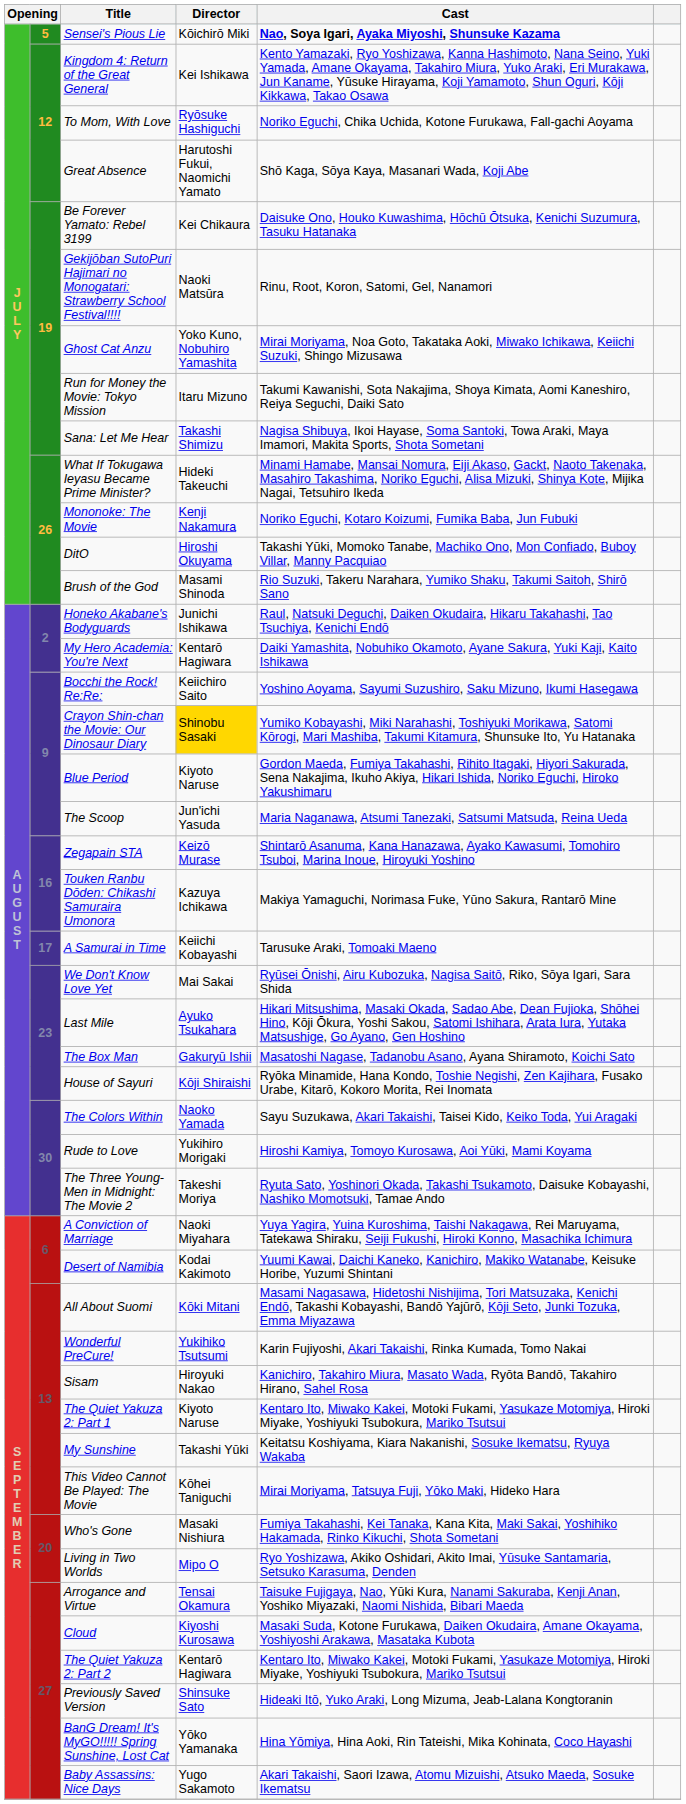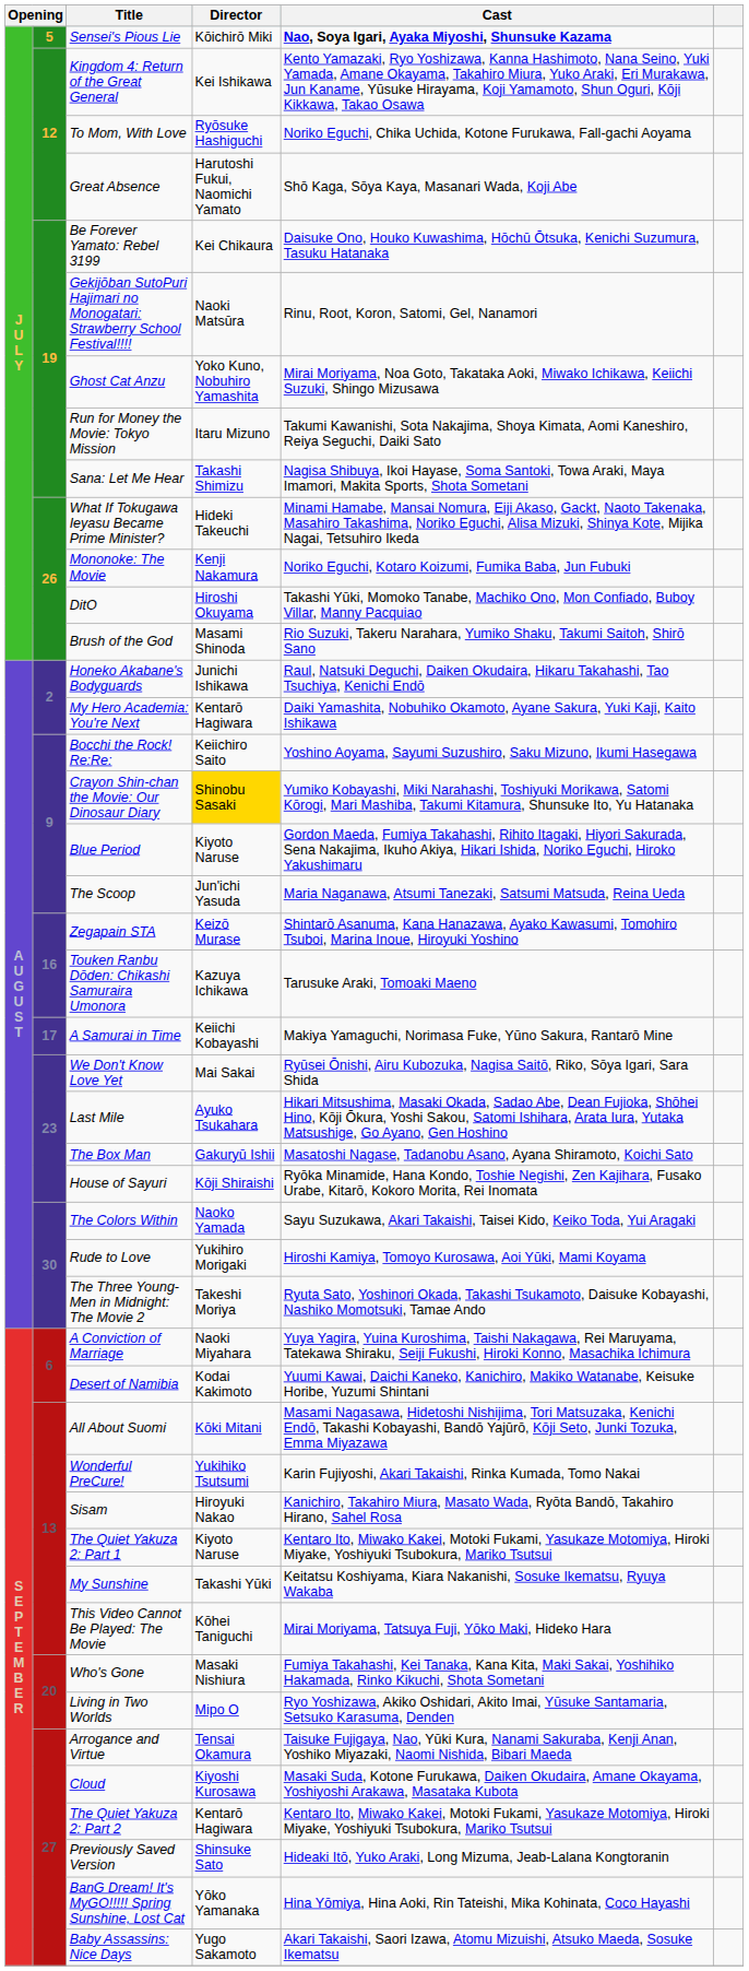 <table class="wikitable sortable">
 <tr style="background:#b0e0e6; text-align:center">
 <th colspan="2">Opening</th>
 <th style="width:17%">Title</th>
 <th style="width:12%">Director</th>
 <th>Cast</th>
 <th style="width:4%;"></th>
 </tr>
 <tr>
 <th rowspan="13" style="text-align:center; background:#3EBE2C; color:#FFC860;">J<br>U<br>L<br>Y</th>
 <td rowspan="1" style="text-align:center; background:#208A20; color:#FFBC40;"><strong>5</strong></td>
 <td><em><a href='#'>Sensei's Pious Lie</a></em></td>
 <td>Kōichirō Miki</td>
 <td><strong><a href='#'>Nao</a>, Soya Igari, <a href='#'>Ayaka Miyoshi</a>, <a href='#'>Shunsuke Kazama</a></strong></td>
 <td></td>
 </tr>
 <tr>
 <td rowspan="3" style="text-align:center; background:#208A20; color:#FFBC40;"><strong>12</strong></td>
 <td><em><a href='#'>Kingdom 4: Return of the Great General</a></em></td>
 <td>Kei Ishikawa</td>
 <td><a href='#'>Kento Yamazaki</a>, <a href='#'>Ryo Yoshizawa</a>, <a href='#'>Kanna Hashimoto</a>, <a href='#'>Nana Seino</a>, <a href='#'>Yuki Yamada</a>, <a href='#'>Amane Okayama</a>, <a href='#'>Takahiro Miura</a>, <a href='#'>Yuko Araki</a>, <a href='#'>Eri Murakawa</a>, <a href='#'>Jun Kaname</a>, Yūsuke Hirayama, <a href='#'>Koji Yamamoto</a>, <a href='#'>Shun Oguri</a>, <a href='#'>Kōji Kikkawa</a>, <a href='#'>Takao Osawa</a></td>
 <td></td>
 </tr>
 <tr>
 <td><em>To Mom, With Love</em></td>
 <td><a href='#'>Ryōsuke Hashiguchi</a></td>
 <td><a href='#'>Noriko Eguchi</a>, Chika Uchida, Kotone Furukawa, Fall-gachi Aoyama</td>
 <td></td>
 </tr>
 <tr>
 <td><em>Great Absence</em></td>
 <td>Harutoshi Fukui, Naomichi Yamato</td>
 <td>Shō Kaga, Sōya Kaya, Masanari Wada, <a href='#'>Koji Abe</a></td>
 <td></td>
 </tr>
 <tr>
 <td rowspan="5" style="text-align:center; background:#208A20; color:#FFBC40;"><strong>19</strong></td>
 <td><em>Be Forever Yamato: Rebel 3199</em></td>
 <td>Kei Chikaura</td>
 <td><a href='#'>Daisuke Ono</a>, <a href='#'>Houko Kuwashima</a>, <a href='#'>Hōchū Ōtsuka</a>, <a href='#'>Kenichi Suzumura</a>, <a href='#'>Tasuku Hatanaka</a></td>
 <td></td>
 </tr>
 <tr>
 <td><em><a href='#'>Gekijōban SutoPuri Hajimari no Monogatari: Strawberry School Festival!!!!</a></em></td>
 <td>Naoki Matsūra</td>
 <td>Rinu, Root, Koron, Satomi, Gel, Nanamori</td>
 <td></td>
 </tr>
 <tr>
 <td><em><a href='#'>Ghost Cat Anzu</a></em></td>
 <td>Yoko Kuno, <a href='#'>Nobuhiro Yamashita</a></td>
 <td><a href='#'>Mirai Moriyama</a>, Noa Goto, Takataka Aoki, <a href='#'>Miwako Ichikawa</a>, <a href='#'>Keiichi Suzuki</a>, Shingo Mizusawa</td>
 <td></td>
 </tr>
 <tr>
 <td><em>Run for Money the Movie: Tokyo Mission</em></td>
 <td>Itaru Mizuno</td>
 <td>Takumi Kawanishi, Sota Nakajima, Shoya Kimata, Aomi Kaneshiro, Reiya Seguchi, Daiki Sato</td>
 <td></td>
 </tr>
 <tr>
 <td><em>Sana: Let Me Hear</em></td>
 <td><a href='#'>Takashi Shimizu</a></td>
 <td><a href='#'>Nagisa Shibuya</a>, Ikoi Hayase, <a href='#'>Soma Santoki</a>, Towa Araki, Maya Imamori, Makita Sports, <a href='#'>Shota Sometani</a></td>
 <td></td>
 </tr>
 <tr>
 <td rowspan="4" style="text-align:center; background:#208A20; color:#FFBC40;"><strong>26</strong></td>
 <td><em>What If Tokugawa Ieyasu Became Prime Minister?</em></td>
 <td>Hideki Takeuchi</td>
 <td><a href='#'>Minami Hamabe</a>, <a href='#'>Mansai Nomura</a>, <a href='#'>Eiji Akaso</a>, <a href='#'>Gackt</a>, <a href='#'>Naoto Takenaka</a>, <a href='#'>Masahiro Takashima</a>, <a href='#'>Noriko Eguchi</a>, <a href='#'>Alisa Mizuki</a>, <a href='#'>Shinya Kote</a>, Mijika Nagai, Tetsuhiro Ikeda</td>
 <td></td>
 </tr>
 <tr>
 <td><em><a href='#'>Mononoke: The Movie</a></em></td>
 <td><a href='#'>Kenji Nakamura</a></td>
 <td><a href='#'>Noriko Eguchi</a>, <a href='#'>Kotaro Koizumi</a>, <a href='#'>Fumika Baba</a>, <a href='#'>Jun Fubuki</a></td>
 <td></td>
 </tr>
 <tr>
 <td><em>DitO</em></td>
 <td><a href='#'>Hiroshi Okuyama</a></td>
 <td>Takashi Yūki, Momoko Tanabe, <a href='#'>Machiko Ono</a>, <a href='#'>Mon Confiado</a>, <a href='#'>Buboy Villar</a>, <a href='#'>Manny Pacquiao</a></td>
 <td></td>
 </tr>
 <tr>
 <td><em>Brush of the God</em></td>
 <td>Masami Shinoda</td>
 <td><a href='#'>Rio Suzuki</a>, Takeru Narahara, <a href='#'>Yumiko Shaku</a>, <a href='#'>Takumi Saitoh</a>, <a href='#'>Shirō Sano</a></td>
 <td></td>
 </tr>
 <tr>
 <th rowspan="16" style="text-align:center; background:#6246CE; color:#BFC2D5;">A<br>U<br>G<br>U<br>S<br>T</th>
 <td rowspan="2" style="text-align:center; background:#43308F; color:#8287AC;"><strong>2</strong></td>
 <td><em><a href='#'>Honeko Akabane's Bodyguards</a></em></td>
 <td>Junichi Ishikawa</td>
 <td><a href='#'>Raul</a>, <a href='#'>Natsuki Deguchi</a>, <a href='#'>Daiken Okudaira</a>, <a href='#'>Hikaru Takahashi</a>, <a href='#'>Tao Tsuchiya</a>, <a href='#'>Kenichi Endō</a></td>
 <td></td>
 </tr>
 <tr>
 <td><em><a href='#'>My Hero Academia: You're Next</a></em></td>
 <td>Kentarō Hagiwara</td>
 <td><a href='#'>Daiki Yamashita</a>, <a href='#'>Nobuhiko Okamoto</a>, <a href='#'>Ayane Sakura</a>, <a href='#'>Yuki Kaji</a>, <a href='#'>Kaito Ishikawa</a></td>
 <td></td>
 </tr>
 <tr>
 <td rowspan="4" style="text-align:center; background:#43308F; color:#8287AC;"><strong>9</strong></td>
 <td><em><a href='#'>Bocchi the Rock! Re:Re:</a></em></td>
 <td>Keiichiro Saito</td>
 <td><a href='#'>Yoshino Aoyama</a>, <a href='#'>Sayumi Suzushiro</a>, <a href='#'>Saku Mizuno</a>, <a href='#'>Ikumi Hasegawa</a></td>
 <td></td>
 </tr>
 <tr>
 <td><em><a href='#'>Crayon Shin-chan the Movie: Our Dinosaur Diary</a></em></td>
 <td style="background: gold;">Shinobu Sasaki</td>
 <td><a href='#'>Yumiko Kobayashi</a>, <a href='#'>Miki Narahashi</a>, <a href='#'>Toshiyuki Morikawa</a>, <a href='#'>Satomi Kōrogi</a>, <a href='#'>Mari Mashiba</a>, <a href='#'>Takumi Kitamura</a>, Shunsuke Ito, Yu Hatanaka</td>
 <td></td>
 </tr>
 <tr>
 <td><em><a href='#'>Blue Period</a></em></td>
 <td>Kiyoto Naruse</td>
 <td><a href='#'>Gordon Maeda</a>, <a href='#'>Fumiya Takahashi</a>, <a href='#'>Rihito Itagaki</a>, <a href='#'>Hiyori Sakurada</a>, Sena Nakajima, Ikuho Akiya, <a href='#'>Hikari Ishida</a>, <a href='#'>Noriko Eguchi</a>, <a href='#'>Hiroko Yakushimaru</a></td>
 <td></td>
 </tr>
 <tr>
 <td><em>The Scoop</em></td>
 <td>Jun'ichi Yasuda</td>
 <td><a href='#'>Maria Naganawa</a>, <a href='#'>Atsumi Tanezaki</a>, <a href='#'>Satsumi Matsuda</a>, <a href='#'>Reina Ueda</a></td>
 <td></td>
 </tr>
 <tr>
 <td rowspan="2" style="text-align:center; background:#43308F; color:#8287AC;"><strong>16</strong></td>
 <td><em><a href='#'>Zegapain STA</a></em></td>
 <td><a href='#'>Keizō Murase</a></td>
 <td><a href='#'>Shintarō Asanuma</a>, <a href='#'>Kana Hanazawa</a>, <a href='#'>Ayako Kawasumi</a>, <a href='#'>Tomohiro Tsuboi</a>, <a href='#'>Marina Inoue</a>, <a href='#'>Hiroyuki Yoshino</a></td>
 <td></td>
 </tr>
 <tr>
 <td><em><a href='#'>Touken Ranbu Dōden: Chikashi Samuraira Umonora</a></em></td>
 <td>Kazuya Ichikawa</td>
-<td>Makiya Yamaguchi, Norimasa Fuke, Yūno Sakura, Rantarō Mine</td>
+<td>Tarusuke Araki, <a href='#'>Tomoaki Maeno</a></td>
 <td></td>
 </tr>
 <tr>
 <td rowspan="1" style="text-align:center; background:#43308F; color:#8287AC;"><strong>17</strong></td>
 <td><em><a href='#'>A Samurai in Time</a></em></td>
 <td>Keiichi Kobayashi</td>
-<td>Tarusuke Araki, <a href='#'>Tomoaki Maeno</a></td>
+<td>Makiya Yamaguchi, Norimasa Fuke, Yūno Sakura, Rantarō Mine</td>
 <td></td>
 </tr>
 <tr>
 <td rowspan="4" style="text-align:center; background:#43308F; color:#8287AC;"><strong>23</strong></td>
 <td><em><a href='#'>We Don't Know Love Yet</a></em></td>
 <td>Mai Sakai</td>
 <td><a href='#'>Ryūsei Ōnishi</a>, <a href='#'>Airu Kubozuka</a>, <a href='#'>Nagisa Saitō</a>, Riko, Sōya Igari, Sara Shida</td>
 <td></td>
 </tr>
 <tr>
 <td><em>Last Mile</em></td>
 <td><a href='#'>Ayuko Tsukahara</a></td>
 <td><a href='#'>Hikari Mitsushima</a>, <a href='#'>Masaki Okada</a>, <a href='#'>Sadao Abe</a>, <a href='#'>Dean Fujioka</a>, <a href='#'>Shōhei Hino</a>, Kōji Ōkura, Yoshi Sakou, <a href='#'>Satomi Ishihara</a>, <a href='#'>Arata Iura</a>, <a href='#'>Yutaka Matsushige</a>, <a href='#'>Go Ayano</a>, <a href='#'>Gen Hoshino</a></td>
 <td></td>
 </tr>
 <tr>
 <td><em><a href='#'>The Box Man</a></em></td>
 <td><a href='#'>Gakuryū Ishii</a></td>
 <td><a href='#'>Masatoshi Nagase</a>, <a href='#'>Tadanobu Asano</a>, Ayana Shiramoto, <a href='#'>Koichi Sato</a></td>
 <td></td>
 </tr>
 <tr>
 <td><em>House of Sayuri</em></td>
 <td><a href='#'>Kōji Shiraishi</a></td>
 <td>Ryōka Minamide, Hana Kondo, <a href='#'>Toshie Negishi</a>, <a href='#'>Zen Kajihara</a>, Fusako Urabe, Kitarō, Kokoro Morita, Rei Inomata</td>
 <td></td>
 </tr>
 <tr>
 <td rowspan="3" style="text-align:center; background:#43308F; color:#8287AC;"><strong>30</strong></td>
 <td><em><a href='#'>The Colors Within</a></em></td>
 <td><a href='#'>Naoko Yamada</a></td>
 <td>Sayu Suzukawa, <a href='#'>Akari Takaishi</a>, Taisei Kido, <a href='#'>Keiko Toda</a>, <a href='#'>Yui Aragaki</a></td>
 <td></td>
 </tr>
 <tr>
 <td><em>Rude to Love</em></td>
 <td>Yukihiro Morigaki</td>
 <td><a href='#'>Hiroshi Kamiya</a>, <a href='#'>Tomoyo Kurosawa</a>, <a href='#'>Aoi Yūki</a>, <a href='#'>Mami Koyama</a></td>
 <td></td>
 </tr>
 <tr>
 <td><em>The Three Young-Men in Midnight: The Movie 2</em></td>
 <td>Takeshi Moriya</td>
 <td><a href='#'>Ryuta Sato</a>, <a href='#'>Yoshinori Okada</a>, <a href='#'>Takashi Tsukamoto</a>, Daisuke Kobayashi, <a href='#'>Nashiko Momotsuki</a>, Tamae Ando</td>
 <td></td>
 </tr>
 <tr>
 <th rowspan="16" style="text-align:center; background:#E72E2E; color:#E1CDB3;">S<br>E<br>P<br>T<br>E<br>M<br>B<br>E<br>R</th>
 <td rowspan="2" style="text-align:center; background:#B91111; color:#685768;"><strong>6</strong></td>
 <td><em><a href='#'>A Conviction of Marriage</a></em></td>
 <td>Naoki Miyahara</td>
 <td><a href='#'>Yuya Yagira</a>, <a href='#'>Yuina Kuroshima</a>, <a href='#'>Taishi Nakagawa</a>, Rei Maruyama, Tatekawa Shiraku, <a href='#'>Seiji Fukushi</a>, <a href='#'>Hiroki Konno</a>, <a href='#'>Masachika Ichimura</a></td>
 <td></td>
 </tr>
 <tr>
 <td><em><a href='#'>Desert of Namibia</a></em></td>
 <td>Kodai Kakimoto</td>
 <td><a href='#'>Yuumi Kawai</a>, <a href='#'>Daichi Kaneko</a>, <a href='#'>Kanichiro</a>, <a href='#'>Makiko Watanabe</a>, Keisuke Horibe, Yuzumi Shintani</td>
 <td></td>
 </tr>
 <tr>
 <td rowspan="6" style="text-align:center; background:#B91111; color:#685768;"><strong>13</strong></td>
 <td><em>All About Suomi</em></td>
 <td><a href='#'>Kōki Mitani</a></td>
 <td><a href='#'>Masami Nagasawa</a>, <a href='#'>Hidetoshi Nishijima</a>, <a href='#'>Tori Matsuzaka</a>, <a href='#'>Kenichi Endō</a>, Takashi Kobayashi, Bandō Yajūrō, <a href='#'>Kōji Seto</a>, <a href='#'>Junki Tozuka</a>, <a href='#'>Emma Miyazawa</a></td>
 <td></td>
 </tr>
 <tr>
 <td><em><a href='#'>Wonderful PreCure!</a></em></td>
 <td><a href='#'>Yukihiko Tsutsumi</a></td>
 <td>Karin Fujiyoshi, <a href='#'>Akari Takaishi</a>, Rinka Kumada, Tomo Nakai</td>
 <td></td>
 </tr>
 <tr>
 <td><em>Sisam</em></td>
 <td>Hiroyuki Nakao</td>
 <td><a href='#'>Kanichiro</a>, <a href='#'>Takahiro Miura</a>, <a href='#'>Masato Wada</a>, Ryōta Bandō, Takahiro Hirano, <a href='#'>Sahel Rosa</a></td>
 <td></td>
 </tr>
 <tr>
 <td><em><a href='#'>The Quiet Yakuza 2: Part 1</a></em></td>
 <td>Kiyoto Naruse</td>
 <td><a href='#'>Kentaro Ito</a>, <a href='#'>Miwako Kakei</a>, Motoki Fukami, <a href='#'>Yasukaze Motomiya</a>, Hiroki Miyake, Yoshiyuki Tsubokura, <a href='#'>Mariko Tsutsui</a></td>
 <td></td>
 </tr>
 <tr>
 <td><em><a href='#'>My Sunshine</a></em></td>
 <td>Takashi Yūki</td>
 <td>Keitatsu Koshiyama, Kiara Nakanishi, <a href='#'>Sosuke Ikematsu</a>, <a href='#'>Ryuya Wakaba</a></td>
 <td></td>
 </tr>
 <tr>
 <td><em>This Video Cannot Be Played: The Movie</em></td>
 <td>Kōhei Taniguchi</td>
 <td><a href='#'>Mirai Moriyama</a>, <a href='#'>Tatsuya Fuji</a>, <a href='#'>Yōko Maki</a>, Hideko Hara</td>
 <td></td>
 </tr>
 <tr>
 <td rowspan="2" style="text-align:center; background:#B91111; color:#685768;"><strong>20</strong></td>
 <td><em>Who's Gone</em></td>
 <td>Masaki Nishiura</td>
 <td><a href='#'>Fumiya Takahashi</a>, <a href='#'>Kei Tanaka</a>, Kana Kita, <a href='#'>Maki Sakai</a>, <a href='#'>Yoshihiko Hakamada</a>, <a href='#'>Rinko Kikuchi</a>, <a href='#'>Shota Sometani</a></td>
 <td></td>
 </tr>
 <tr>
 <td><em>Living in Two Worlds</em></td>
 <td><a href='#'>Mipo O</a></td>
 <td><a href='#'>Ryo Yoshizawa</a>, Akiko Oshidari, Akito Imai, <a href='#'>Yūsuke Santamaria</a>, <a href='#'>Setsuko Karasuma</a>, <a href='#'>Denden</a></td>
 <td></td>
 </tr>
 <tr>
 <td rowspan="6" style="text-align:center; background:#B91111; color:#685768;"><strong>27</strong></td>
 <td><em>Arrogance and Virtue</em></td>
 <td><a href='#'>Tensai Okamura</a></td>
 <td><a href='#'>Taisuke Fujigaya</a>, <a href='#'>Nao</a>, Yūki Kura, <a href='#'>Nanami Sakuraba</a>, <a href='#'>Kenji Anan</a>, Yoshiko Miyazaki, <a href='#'>Naomi Nishida</a>, <a href='#'>Bibari Maeda</a></td>
 <td></td>
 </tr>
 <tr>
 <td><em><a href='#'>Cloud</a></em></td>
 <td><a href='#'>Kiyoshi Kurosawa</a></td>
 <td><a href='#'>Masaki Suda</a>, Kotone Furukawa, <a href='#'>Daiken Okudaira</a>, <a href='#'>Amane Okayama</a>, <a href='#'>Yoshiyoshi Arakawa</a>, <a href='#'>Masataka Kubota</a></td>
 <td></td>
 </tr>
 <tr>
 <td><em><a href='#'>The Quiet Yakuza 2: Part 2</a></em></td>
 <td>Kentarō Hagiwara</td>
 <td><a href='#'>Kentaro Ito</a>, <a href='#'>Miwako Kakei</a>, Motoki Fukami, <a href='#'>Yasukaze Motomiya</a>, Hiroki Miyake, Yoshiyuki Tsubokura, <a href='#'>Mariko Tsutsui</a></td>
 <td></td>
 </tr>
 <tr>
 <td><em>Previously Saved Version</em></td>
 <td><a href='#'>Shinsuke Sato</a></td>
 <td><a href='#'>Hideaki Itō</a>, <a href='#'>Yuko Araki</a>, Long Mizuma, Jeab-Lalana Kongtoranin</td>
 <td></td>
 </tr>
 <tr>
 <td><em><a href='#'>BanG Dream! It's MyGO!!!!! Spring Sunshine, Lost Cat</a></em></td>
 <td>Yōko Yamanaka</td>
 <td><a href='#'>Hina Yōmiya</a>, Hina Aoki, Rin Tateishi, Mika Kohinata, <a href='#'>Coco Hayashi</a></td>
 <td></td>
 </tr>
 <tr>
 <td><em><a href='#'>Baby Assassins: Nice Days</a></em></td>
 <td>Yugo Sakamoto</td>
 <td><a href='#'>Akari Takaishi</a>, Saori Izawa, <a href='#'>Atomu Mizuishi</a>, <a href='#'>Atsuko Maeda</a>, <a href='#'>Sosuke Ikematsu</a></td>
 <td></td>
 </tr>
 <tr>
 </tr>
 </table>
